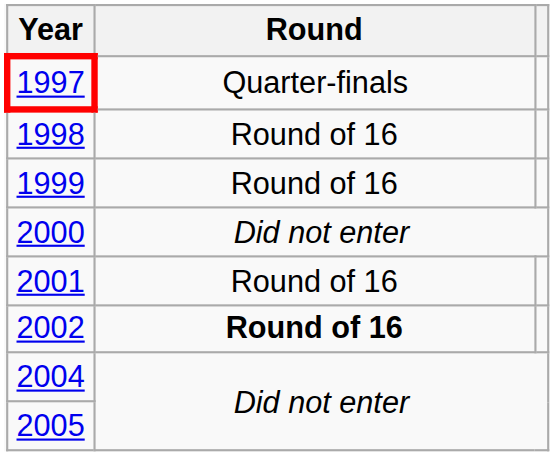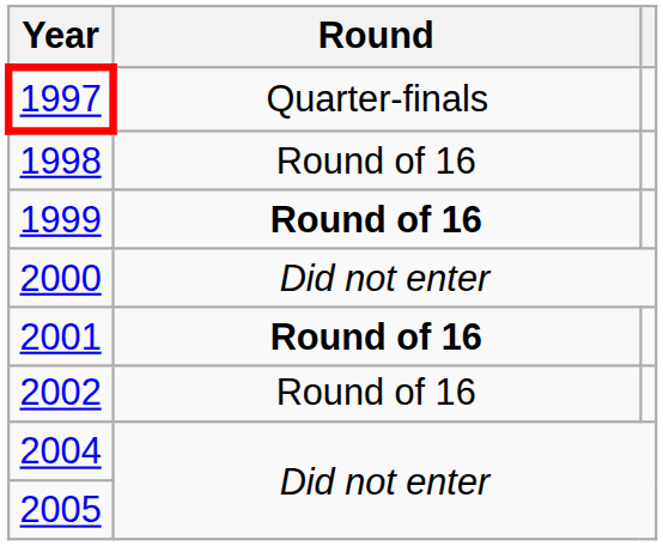 <table class="wikitable" style="text-align: center; font-size:90%">
 <tr>
 <th>Year</th>
 <th style="width:200px">Round</th>
 <th></th>
 </tr>
 <tr>
 <td style="border: 3px solid red"><a href='#'>1997</a></td>
 <td>Quarter-finals</td>
 <td></td>
 </tr>
 <tr>
 <td><a href='#'>1998</a></td>
 <td>Round of 16</td>
 <td></td>
 </tr>
 <tr>
 <td><a href='#'>1999</a></td>
-<td>Round of 16</td>
+<td><strong>Round of 16</strong></td>
 <td></td>
 </tr>
 <tr>
 <td><a href='#'>2000</a></td>
 <td colspan="2"><em>Did not enter</em></td>
 </tr>
 <tr>
 <td><a href='#'>2001</a></td>
-<td>Round of 16</td>
+<td><strong>Round of 16</strong></td>
 <td></td>
 </tr>
 <tr>
 <td><a href='#'>2002</a></td>
-<td><strong>Round of 16</strong></td>
+<td>Round of 16</td>
 <td></td>
 </tr>
 <tr>
 <td><a href='#'>2004</a></td>
 <td colspan="2" rowspan="2"><em>Did not enter</em></td>
 </tr>
 <tr>
 <td><a href='#'>2005</a></td>
 </tr>
 </table>
